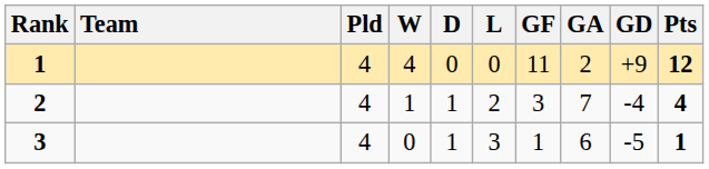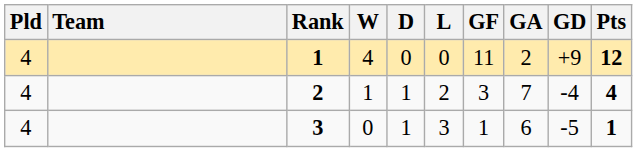 <table class="wikitable" style="text-align: center;">
 <tr>
+<th width=20>Pld</th>
+<th width=165 style="text-align:left;">Team</th>
 <th width=30>Rank</th>
-<th width=165 style="text-align:left;">Team</th>
-<th width=20>Pld</th>
 <th width=20>W</th>
 <th width=20>D</th>
 <th width=20>L</th>
 <th width=20>GF</th>
 <th width=20>GA</th>
 <th width=20>GD</th>
 <th width=20>Pts</th>
 </tr>
 <tr style="background:#ffebad;">
+<td>4</td>
+<td style="text-align:left;"></td>
 <td><strong>1</strong></td>
-<td style="text-align:left;"></td>
-<td>4</td>
 <td>4</td>
 <td>0</td>
 <td>0</td>
 <td>11</td>
 <td>2</td>
 <td>+9</td>
 <td><strong>12</strong></td>
 </tr>
 <tr>
+<td>4</td>
+<td style="text-align:left;"></td>
 <td><strong>2</strong></td>
-<td style="text-align:left;"></td>
-<td>4</td>
 <td>1</td>
 <td>1</td>
 <td>2</td>
 <td>3</td>
 <td>7</td>
 <td>-4</td>
 <td><strong>4</strong></td>
 </tr>
 <tr>
+<td>4</td>
+<td style="text-align:left;"></td>
 <td><strong>3</strong></td>
-<td style="text-align:left;"></td>
-<td>4</td>
 <td>0</td>
 <td>1</td>
 <td>3</td>
 <td>1</td>
 <td>6</td>
 <td>-5</td>
 <td><strong>1</strong></td>
 </tr>
 </table>
